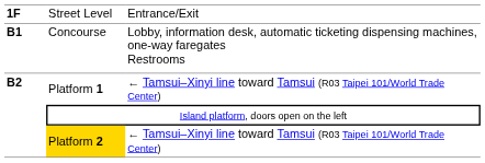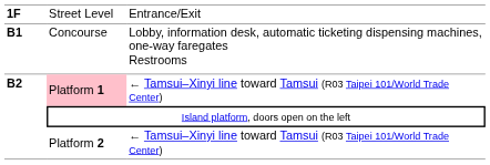 <table table border=0 cellspacing=0 cellpadding=3>
 <tr>
 <td style="border-bottom:solid 1px gray;border-top:solid 1px gray;" width=50 valign=top><strong>1F</strong></td>
 <td style="border-top:solid 1px gray;border-bottom:solid 1px gray;" width=100 valign=top>Street Level</td>
 <td style="border-top:solid 1px gray;border-bottom:solid 1px gray;" width=470 valign=top>Entrance/Exit</td>
 </tr>
 <tr>
 <td style="border-bottom:solid 1px gray;" rowspan=2 valign=top width=50><strong>B1</strong></td>
 <td style="border-bottom:solid 1px gray;" rowspan=2 valign=top width=100>Concourse</td>
 <td width=390>Lobby, information desk, automatic ticketing dispensing machines, one-way faregates <small></small><br>Restrooms <small></small></td>
 </tr>
 <tr>
 <td style="border-bottom:solid 1px gray;"></td>
 </tr>
 <tr>
 <td style="border-bottom:solid 1px gray;" rowspan=3 valign=top><strong>B2</strong></td>
-<td>Platform <span><strong>1</strong></span></td>
+<td style="background: pink;">Platform <span><strong>1</strong></span></td>
 <td>←  <a href='#'>Tamsui–Xinyi line</a> toward <a href='#'>Tamsui</a> <small>(R03 <a href='#'>Taipei 101/World Trade Center</a>)</small></td>
 </tr>
 <tr>
 <td style="border:solid 2px black;text-align:center;" colspan=2><small><a href='#'>Island platform</a>, doors open on the left</small></td>
 </tr>
 <tr>
-<td style="background: gold; border-bottom:solid 1px gray;">Platform <span><strong>2</strong></span></td>
+<td style="border-bottom:solid 1px gray;">Platform <span><strong>2</strong></span></td>
 <td style="border-bottom:solid 1px gray;">←  <a href='#'>Tamsui–Xinyi line</a> toward <a href='#'>Tamsui</a> <small>(R03 <a href='#'>Taipei 101/World Trade Center</a>)</small></td>
 </tr>
 </table>
